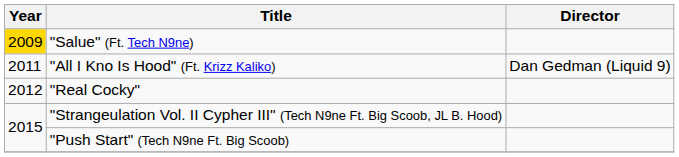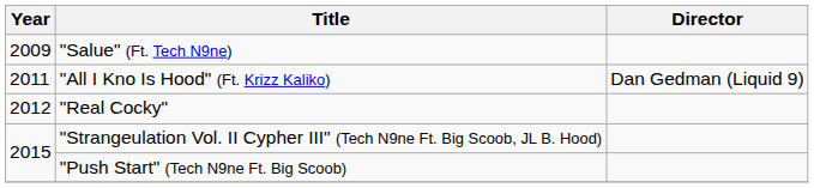 <table class="wikitable">
 <tr>
 <th>Year</th>
 <th>Title</th>
 <th>Director</th>
 </tr>
 <tr>
-<td style="background: gold;">2009</td>
+<td>2009</td>
 <td>"Salue" <small>(Ft. <a href='#'>Tech N9ne</a>)</small></td>
 <td></td>
 </tr>
 <tr>
 <td>2011</td>
 <td>"All I Kno Is Hood" <small>(Ft. <a href='#'>Krizz Kaliko</a>)</small></td>
 <td>Dan Gedman (Liquid 9)</td>
 </tr>
 <tr>
 <td>2012</td>
 <td>"Real Cocky"</td>
 <td></td>
 </tr>
 <tr>
 <td rowspan="2">2015</td>
 <td>"Strangeulation Vol. II Cypher III" <small>(Tech N9ne Ft. Big Scoob, JL B. Hood)</small></td>
 <td></td>
 </tr>
 <tr>
 <td>"Push Start" <small>(Tech N9ne Ft. Big Scoob)</small></td>
 <td></td>
 </tr>
 <tr>
 </tr>
 </table>
